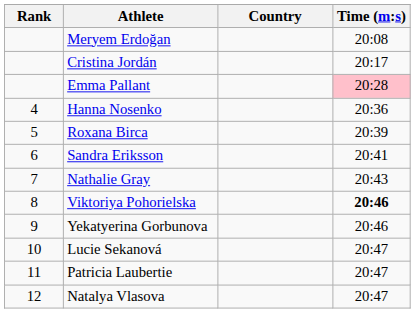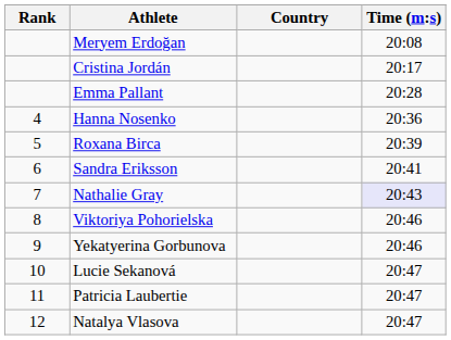 <table class="wikitable" width=50%>
 <tr>
 </tr>
 <tr>
 <th width=5%>Rank</th>
 <th width=20%>Athlete</th>
 <th width=15%>Country</th>
 <th width=10%>Time (<a href='#'>m</a>:<a href='#'>s</a>)</th>
 </tr>
 <tr align="center">
 <td></td>
 <td align="left"><a href='#'>Meryem Erdoğan</a></td>
 <td align="left"></td>
 <td>20:08</td>
 </tr>
 <tr align="center">
 <td></td>
 <td align="left"><a href='#'>Cristina Jordán</a></td>
 <td align="left"></td>
 <td>20:17</td>
 </tr>
 <tr align="center">
 <td></td>
 <td align="left"><a href='#'>Emma Pallant</a></td>
 <td align="left"></td>
-<td style="background: pink;">20:28</td>
+<td>20:28</td>
 </tr>
 <tr align="center">
 <td>4</td>
 <td align="left"><a href='#'>Hanna Nosenko</a></td>
 <td align="left"></td>
 <td>20:36</td>
 </tr>
 <tr align="center">
 <td>5</td>
 <td align="left"><a href='#'>Roxana Birca</a></td>
 <td align="left"></td>
 <td>20:39</td>
 </tr>
 <tr align="center">
 <td>6</td>
 <td align="left"><a href='#'>Sandra Eriksson</a></td>
 <td align="left"></td>
 <td>20:41</td>
 </tr>
 <tr align="center">
 <td>7</td>
 <td align="left"><a href='#'>Nathalie Gray</a></td>
 <td align="left"></td>
-<td>20:43</td>
+<td style="background: lavender;">20:43</td>
 </tr>
 <tr align="center">
 <td>8</td>
 <td align="left"><a href='#'>Viktoriya Pohorielska</a></td>
 <td align="left"></td>
-<td><strong>20:46</strong></td>
+<td>20:46</td>
 </tr>
 <tr align="center">
 <td>9</td>
 <td align="left">Yekatyerina Gorbunova</td>
 <td align="left"></td>
 <td>20:46</td>
 </tr>
 <tr align="center">
 <td>10</td>
 <td align="left">Lucie Sekanová</td>
 <td align="left"></td>
 <td>20:47</td>
 </tr>
 <tr align="center">
 <td>11</td>
 <td align="left">Patricia Laubertie</td>
 <td align="left"></td>
 <td>20:47</td>
 </tr>
 <tr align="center">
 <td>12</td>
 <td align="left">Natalya Vlasova</td>
 <td align="left"></td>
 <td>20:47</td>
 </tr>
 </table>
